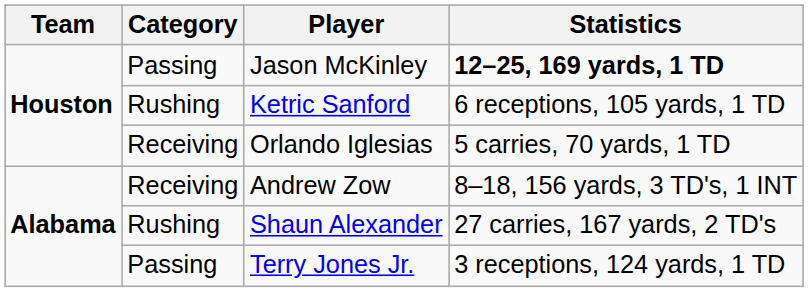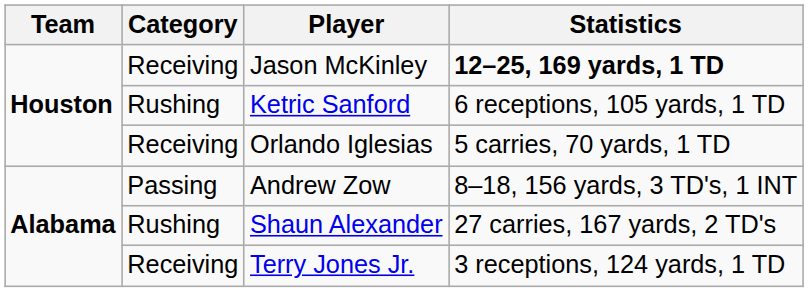 <table class="wikitable" style="float: right;">
 <tr>
 <th>Team</th>
 <th>Category</th>
 <th>Player</th>
 <th>Statistics</th>
 </tr>
 <tr>
 <td rowspan=3><strong>Houston</strong></td>
-<td>Passing</td>
+<td>Receiving</td>
 <td>Jason McKinley</td>
 <td><strong>12–25, 169 yards, 1 TD</strong></td>
 </tr>
 <tr>
 <td>Rushing</td>
 <td><a href='#'>Ketric Sanford</a></td>
 <td>6 receptions, 105 yards, 1 TD</td>
 </tr>
 <tr>
 <td>Receiving</td>
 <td>Orlando Iglesias</td>
 <td>5 carries, 70 yards, 1 TD</td>
 </tr>
 <tr>
 <td rowspan=3><strong>Alabama</strong></td>
-<td>Receiving</td>
+<td>Passing</td>
 <td>Andrew Zow</td>
 <td>8–18, 156 yards, 3 TD's, 1 INT</td>
 </tr>
 <tr>
 <td>Rushing</td>
 <td><a href='#'>Shaun Alexander</a></td>
 <td>27 carries, 167 yards, 2 TD's</td>
 </tr>
 <tr>
-<td>Passing</td>
+<td>Receiving</td>
 <td><a href='#'>Terry Jones Jr.</a></td>
 <td>3 receptions, 124 yards, 1 TD</td>
 </tr>
 </table>
